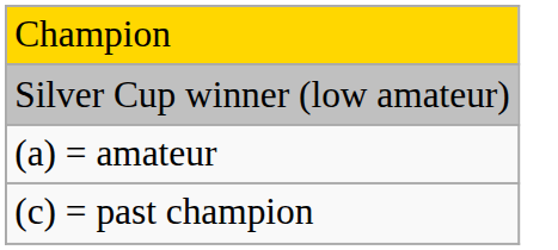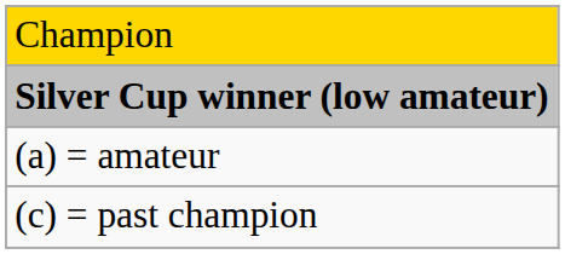 <table class="wikitable">
 <tr style="background:gold">
 <td>Champion</td>
 </tr>
 <tr style="background:silver">
-<td>Silver Cup winner (low amateur)</td>
+<td><strong>Silver Cup winner (low amateur)</strong></td>
 </tr>
 <tr>
 <td>(a) = amateur</td>
 </tr>
 <tr>
 <td>(c) = past champion</td>
 </tr>
 </table>
